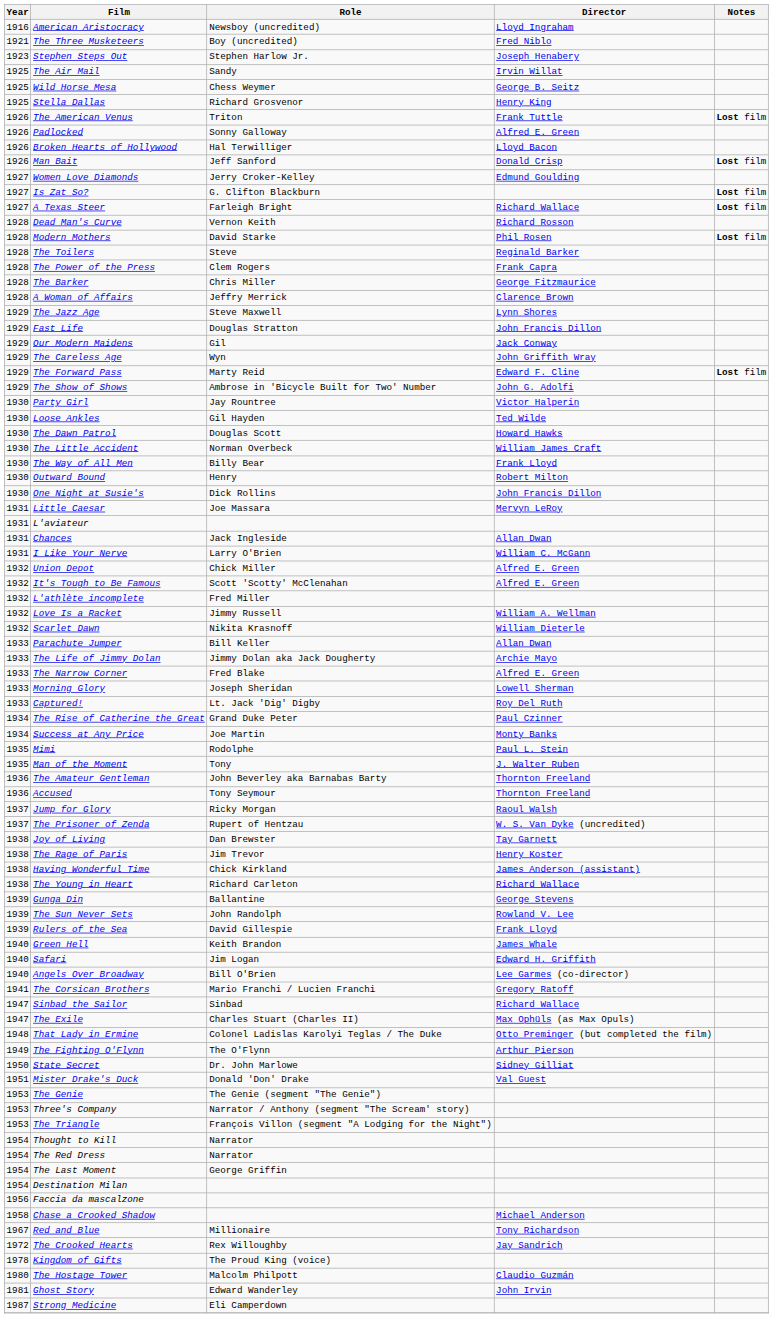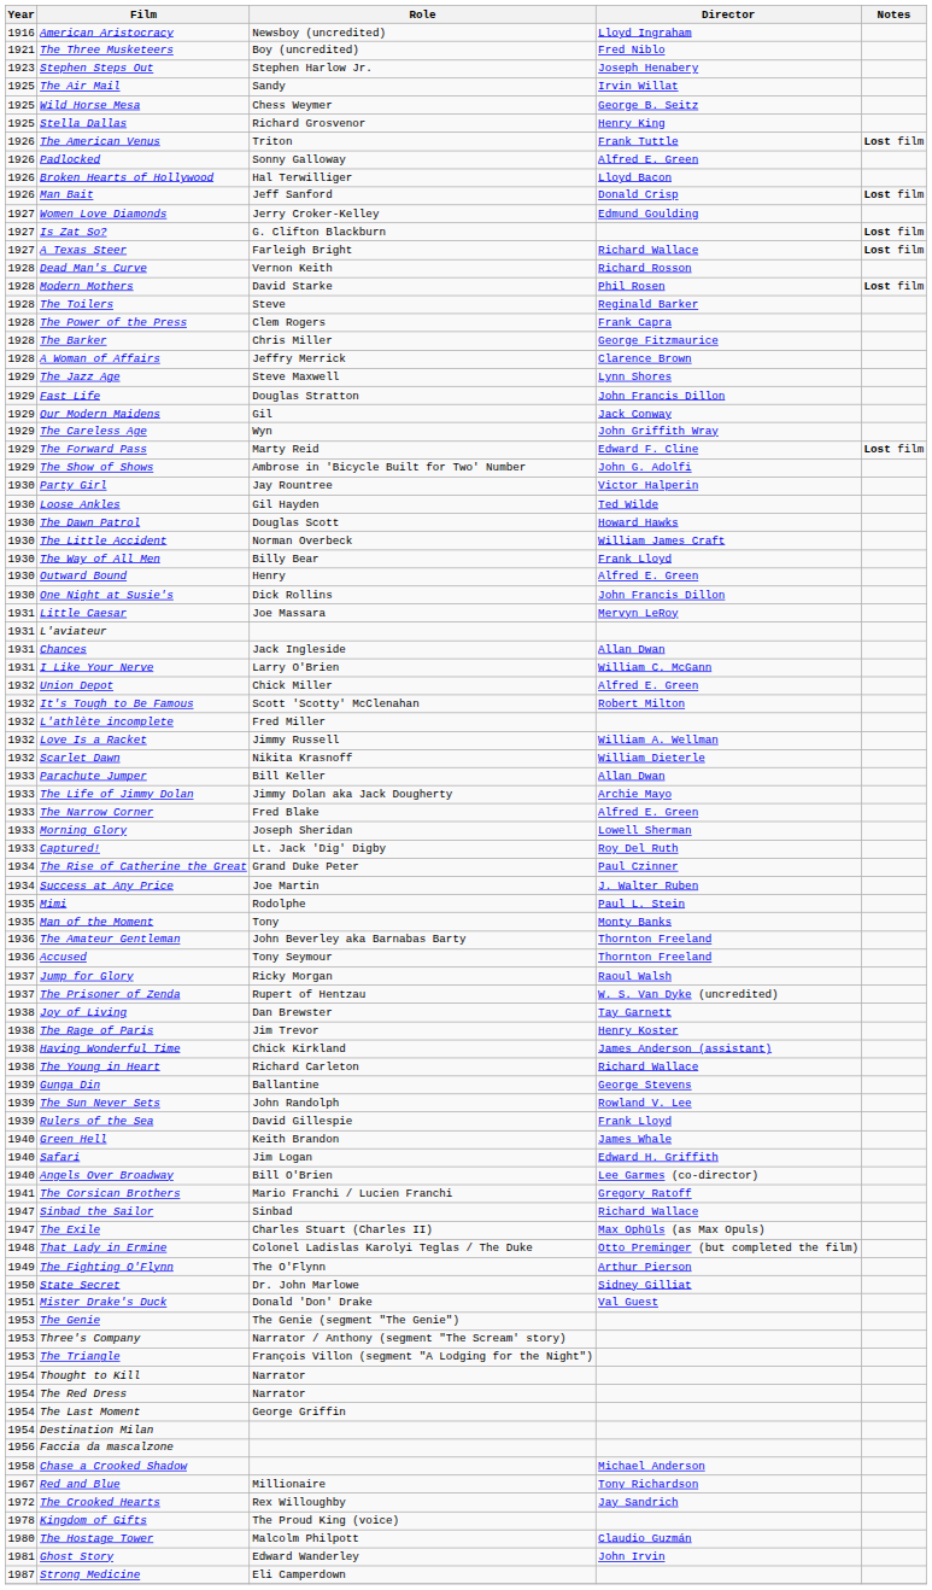 <table class="wikitable sortable">
 <tr>
 <th>Year</th>
 <th>Film</th>
 <th>Role</th>
 <th>Director</th>
 <th class="unsortable">Notes</th>
 </tr>
 <tr>
 <td>1916</td>
 <td><em><a href='#'>American Aristocracy</a></em></td>
 <td>Newsboy (uncredited)</td>
 <td><a href='#'>Lloyd Ingraham</a></td>
 <td></td>
 </tr>
 <tr>
 <td>1921</td>
 <td><em><a href='#'>The Three Musketeers</a></em></td>
 <td>Boy (uncredited)</td>
 <td><a href='#'>Fred Niblo</a></td>
 <td></td>
 </tr>
 <tr>
 <td>1923</td>
 <td><em><a href='#'>Stephen Steps Out</a></em></td>
 <td>Stephen Harlow Jr.</td>
 <td><a href='#'>Joseph Henabery</a></td>
 <td></td>
 </tr>
 <tr>
 <td>1925</td>
 <td><em><a href='#'>The Air Mail</a></em></td>
 <td>Sandy</td>
 <td><a href='#'>Irvin Willat</a></td>
 <td></td>
 </tr>
 <tr>
 <td>1925</td>
 <td><em><a href='#'>Wild Horse Mesa</a></em></td>
 <td>Chess Weymer</td>
 <td><a href='#'>George B. Seitz</a></td>
 <td></td>
 </tr>
 <tr>
 <td>1925</td>
 <td><em><a href='#'>Stella Dallas</a></em></td>
 <td>Richard Grosvenor</td>
 <td><a href='#'>Henry King</a></td>
 <td></td>
 </tr>
 <tr>
 <td>1926</td>
 <td><em><a href='#'>The American Venus</a></em></td>
 <td>Triton</td>
 <td><a href='#'>Frank Tuttle</a></td>
 <td><strong>Lost</strong> film</td>
 </tr>
 <tr>
 <td>1926</td>
 <td><em><a href='#'>Padlocked</a></em></td>
 <td>Sonny Galloway</td>
 <td><a href='#'>Alfred E. Green</a></td>
 <td></td>
 </tr>
 <tr>
 <td>1926</td>
 <td><em><a href='#'>Broken Hearts of Hollywood</a></em></td>
 <td>Hal Terwilliger</td>
 <td><a href='#'>Lloyd Bacon</a></td>
 <td></td>
 </tr>
 <tr>
 <td>1926</td>
 <td><em><a href='#'>Man Bait</a></em></td>
 <td>Jeff Sanford</td>
 <td><a href='#'>Donald Crisp</a></td>
 <td><strong>Lost</strong> film</td>
 </tr>
 <tr>
 <td>1927</td>
 <td><em><a href='#'>Women Love Diamonds</a></em></td>
 <td>Jerry Croker-Kelley</td>
 <td><a href='#'>Edmund Goulding</a></td>
 <td></td>
 </tr>
 <tr>
 <td>1927</td>
 <td><em><a href='#'>Is Zat So?</a></em></td>
 <td>G. Clifton Blackburn</td>
 <td></td>
 <td><strong>Lost</strong> film</td>
 </tr>
 <tr>
 <td>1927</td>
 <td><em><a href='#'>A Texas Steer</a></em></td>
 <td>Farleigh Bright</td>
 <td><a href='#'>Richard Wallace</a></td>
 <td><strong>Lost</strong> film</td>
 </tr>
 <tr>
 <td>1928</td>
 <td><em><a href='#'>Dead Man's Curve</a></em></td>
 <td>Vernon Keith</td>
 <td><a href='#'>Richard Rosson</a></td>
 <td></td>
 </tr>
 <tr>
 <td>1928</td>
 <td><em><a href='#'>Modern Mothers</a></em></td>
 <td>David Starke</td>
 <td><a href='#'>Phil Rosen</a></td>
 <td><strong>Lost</strong> film</td>
 </tr>
 <tr>
 <td>1928</td>
 <td><em><a href='#'>The Toilers</a></em></td>
 <td>Steve</td>
 <td><a href='#'>Reginald Barker</a></td>
 <td></td>
 </tr>
 <tr>
 <td>1928</td>
 <td><em><a href='#'>The Power of the Press</a></em></td>
 <td>Clem Rogers</td>
 <td><a href='#'>Frank Capra</a></td>
 <td></td>
 </tr>
 <tr>
 <td>1928</td>
 <td><em><a href='#'>The Barker</a></em></td>
 <td>Chris Miller</td>
 <td><a href='#'>George Fitzmaurice</a></td>
 <td></td>
 </tr>
 <tr>
 <td>1928</td>
 <td><em><a href='#'>A Woman of Affairs</a></em></td>
 <td>Jeffry Merrick</td>
 <td><a href='#'>Clarence Brown</a></td>
 <td></td>
 </tr>
 <tr>
 <td>1929</td>
 <td><em><a href='#'>The Jazz Age</a></em></td>
 <td>Steve Maxwell</td>
 <td><a href='#'>Lynn Shores</a></td>
 <td></td>
 </tr>
 <tr>
 <td>1929</td>
 <td><em><a href='#'>Fast Life</a></em></td>
 <td>Douglas Stratton</td>
 <td><a href='#'>John Francis Dillon</a></td>
 <td></td>
 </tr>
 <tr>
 <td>1929</td>
 <td><em><a href='#'>Our Modern Maidens</a></em></td>
 <td>Gil</td>
 <td><a href='#'>Jack Conway</a></td>
 <td></td>
 </tr>
 <tr>
 <td>1929</td>
 <td><em><a href='#'>The Careless Age</a></em></td>
 <td>Wyn</td>
 <td><a href='#'>John Griffith Wray</a></td>
 <td></td>
 </tr>
 <tr>
 <td>1929</td>
 <td><em><a href='#'>The Forward Pass</a></em></td>
 <td>Marty Reid</td>
 <td><a href='#'>Edward F. Cline</a></td>
 <td><strong>Lost</strong> film</td>
 </tr>
 <tr>
 <td>1929</td>
 <td><em><a href='#'>The Show of Shows</a></em></td>
 <td>Ambrose in 'Bicycle Built for Two' Number</td>
 <td><a href='#'>John G. Adolfi</a></td>
 <td></td>
 </tr>
 <tr>
 <td>1930</td>
 <td><em><a href='#'>Party Girl</a></em></td>
 <td>Jay Rountree</td>
 <td><a href='#'>Victor Halperin</a></td>
 <td></td>
 </tr>
 <tr>
 <td>1930</td>
 <td><em><a href='#'>Loose Ankles</a></em></td>
 <td>Gil Hayden</td>
 <td><a href='#'>Ted Wilde</a></td>
 <td></td>
 </tr>
 <tr>
 <td>1930</td>
 <td><em><a href='#'>The Dawn Patrol</a></em></td>
 <td>Douglas Scott</td>
 <td><a href='#'>Howard Hawks</a></td>
 <td></td>
 </tr>
 <tr>
 <td>1930</td>
 <td><em><a href='#'>The Little Accident</a></em></td>
 <td>Norman Overbeck</td>
 <td><a href='#'>William James Craft</a></td>
 <td></td>
 </tr>
 <tr>
 <td>1930</td>
 <td><em><a href='#'>The Way of All Men</a></em></td>
 <td>Billy Bear</td>
 <td><a href='#'>Frank Lloyd</a></td>
 <td></td>
 </tr>
 <tr>
 <td>1930</td>
 <td><em><a href='#'>Outward Bound</a></em></td>
 <td>Henry</td>
-<td><a href='#'>Robert Milton</a></td>
+<td><a href='#'>Alfred E. Green</a></td>
 <td></td>
 </tr>
 <tr>
 <td>1930</td>
 <td><em><a href='#'>One Night at Susie's</a></em></td>
 <td>Dick Rollins</td>
 <td><a href='#'>John Francis Dillon</a></td>
 <td></td>
 </tr>
 <tr>
 <td>1931</td>
 <td><em><a href='#'>Little Caesar</a></em></td>
 <td>Joe Massara</td>
 <td><a href='#'>Mervyn LeRoy</a></td>
 <td></td>
 </tr>
 <tr>
 <td>1931</td>
 <td><em>L'aviateur</em></td>
 <td></td>
 <td></td>
 <td></td>
 </tr>
 <tr>
 <td>1931</td>
 <td><em><a href='#'>Chances</a></em></td>
 <td>Jack Ingleside</td>
 <td><a href='#'>Allan Dwan</a></td>
 <td></td>
 </tr>
 <tr>
 <td>1931</td>
 <td><em><a href='#'>I Like Your Nerve</a></em></td>
 <td>Larry O'Brien</td>
 <td><a href='#'>William C. McGann</a></td>
 <td></td>
 </tr>
 <tr>
 <td>1932</td>
 <td><em><a href='#'>Union Depot</a></em></td>
 <td>Chick Miller</td>
 <td><a href='#'>Alfred E. Green</a></td>
 <td></td>
 </tr>
 <tr>
 <td>1932</td>
 <td><em><a href='#'>It's Tough to Be Famous</a></em></td>
 <td>Scott 'Scotty' McClenahan</td>
-<td><a href='#'>Alfred E. Green</a></td>
+<td><a href='#'>Robert Milton</a></td>
 <td></td>
 </tr>
 <tr>
 <td>1932</td>
 <td><em><a href='#'>L'athlète incomplete</a></em></td>
 <td>Fred Miller</td>
 <td></td>
 <td></td>
 </tr>
 <tr>
 <td>1932</td>
 <td><em><a href='#'>Love Is a Racket</a></em></td>
 <td>Jimmy Russell</td>
 <td><a href='#'>William A. Wellman</a></td>
 <td></td>
 </tr>
 <tr>
 <td>1932</td>
 <td><em><a href='#'>Scarlet Dawn</a></em></td>
 <td>Nikita Krasnoff</td>
 <td><a href='#'>William Dieterle</a></td>
 <td></td>
 </tr>
 <tr>
 <td>1933</td>
 <td><em><a href='#'>Parachute Jumper</a></em></td>
 <td>Bill Keller</td>
 <td><a href='#'>Allan Dwan</a></td>
 <td></td>
 </tr>
 <tr>
 <td>1933</td>
 <td><em><a href='#'>The Life of Jimmy Dolan</a></em></td>
 <td>Jimmy Dolan aka Jack Dougherty</td>
 <td><a href='#'>Archie Mayo</a></td>
 <td></td>
 </tr>
 <tr>
 <td>1933</td>
 <td><em><a href='#'>The Narrow Corner</a></em></td>
 <td>Fred Blake</td>
 <td><a href='#'>Alfred E. Green</a></td>
 <td></td>
 </tr>
 <tr>
 <td>1933</td>
 <td><em><a href='#'>Morning Glory</a></em></td>
 <td>Joseph Sheridan</td>
 <td><a href='#'>Lowell Sherman</a></td>
 <td></td>
 </tr>
 <tr>
 <td>1933</td>
 <td><em><a href='#'>Captured!</a></em></td>
 <td>Lt. Jack 'Dig' Digby</td>
 <td><a href='#'>Roy Del Ruth</a></td>
 <td></td>
 </tr>
 <tr>
 <td>1934</td>
 <td><em><a href='#'>The Rise of Catherine the Great</a></em></td>
 <td>Grand Duke Peter</td>
 <td><a href='#'>Paul Czinner</a></td>
 <td></td>
 </tr>
 <tr>
 <td>1934</td>
 <td><em><a href='#'>Success at Any Price</a></em></td>
 <td>Joe Martin</td>
-<td><a href='#'>Monty Banks</a></td>
+<td><a href='#'>J. Walter Ruben</a></td>
 <td></td>
 </tr>
 <tr>
 <td>1935</td>
 <td><em><a href='#'>Mimi</a></em></td>
 <td>Rodolphe</td>
 <td><a href='#'>Paul L. Stein</a></td>
 <td></td>
 </tr>
 <tr>
 <td>1935</td>
 <td><em><a href='#'>Man of the Moment</a></em></td>
 <td>Tony</td>
-<td><a href='#'>J. Walter Ruben</a></td>
+<td><a href='#'>Monty Banks</a></td>
 <td></td>
 </tr>
 <tr>
 <td>1936</td>
 <td><em><a href='#'>The Amateur Gentleman</a></em></td>
 <td>John Beverley aka Barnabas Barty</td>
 <td><a href='#'>Thornton Freeland</a></td>
 <td></td>
 </tr>
 <tr>
 <td>1936</td>
 <td><em><a href='#'>Accused</a></em></td>
 <td>Tony Seymour</td>
 <td><a href='#'>Thornton Freeland</a></td>
 <td></td>
 </tr>
 <tr>
 <td>1937</td>
 <td><em><a href='#'>Jump for Glory</a></em></td>
 <td>Ricky Morgan</td>
 <td><a href='#'>Raoul Walsh</a></td>
 <td></td>
 </tr>
 <tr>
 <td>1937</td>
 <td><em><a href='#'>The Prisoner of Zenda</a></em></td>
 <td>Rupert of Hentzau</td>
 <td><a href='#'>W. S. Van Dyke</a> (uncredited)</td>
 <td></td>
 </tr>
 <tr>
 <td>1938</td>
 <td><em><a href='#'>Joy of Living</a></em></td>
 <td>Dan Brewster</td>
 <td><a href='#'>Tay Garnett</a></td>
 <td></td>
 </tr>
 <tr>
 <td>1938</td>
 <td><em><a href='#'>The Rage of Paris</a></em></td>
 <td>Jim Trevor</td>
 <td><a href='#'>Henry Koster</a></td>
 <td></td>
 </tr>
 <tr>
 <td>1938</td>
 <td><em><a href='#'>Having Wonderful Time</a></em></td>
 <td>Chick Kirkland</td>
 <td><a href='#'>James Anderson (assistant)</a></td>
 <td></td>
 </tr>
 <tr>
 <td>1938</td>
 <td><em><a href='#'>The Young in Heart</a></em></td>
 <td>Richard Carleton</td>
 <td><a href='#'>Richard Wallace</a></td>
 <td></td>
 </tr>
 <tr>
 <td>1939</td>
 <td><em><a href='#'>Gunga Din</a></em></td>
 <td>Ballantine</td>
 <td><a href='#'>George Stevens</a></td>
 <td></td>
 </tr>
 <tr>
 <td>1939</td>
 <td><em><a href='#'>The Sun Never Sets</a></em></td>
 <td>John Randolph</td>
 <td><a href='#'>Rowland V. Lee</a></td>
 <td></td>
 </tr>
 <tr>
 <td>1939</td>
 <td><em><a href='#'>Rulers of the Sea</a></em></td>
 <td>David Gillespie</td>
 <td><a href='#'>Frank Lloyd</a></td>
 <td></td>
 </tr>
 <tr>
 <td>1940</td>
 <td><em><a href='#'>Green Hell</a></em></td>
 <td>Keith Brandon</td>
 <td><a href='#'>James Whale</a></td>
 <td></td>
 </tr>
 <tr>
 <td>1940</td>
 <td><em><a href='#'>Safari</a></em></td>
 <td>Jim Logan</td>
 <td><a href='#'>Edward H. Griffith</a></td>
 <td></td>
 </tr>
 <tr>
 <td>1940</td>
 <td><em><a href='#'>Angels Over Broadway</a></em></td>
 <td>Bill O'Brien</td>
 <td><a href='#'>Lee Garmes</a> (co-director)</td>
 <td></td>
 </tr>
 <tr>
 <td>1941</td>
 <td><em><a href='#'>The Corsican Brothers</a></em></td>
 <td>Mario Franchi / Lucien Franchi</td>
 <td><a href='#'>Gregory Ratoff</a></td>
 <td></td>
 </tr>
 <tr>
 <td>1947</td>
 <td><em><a href='#'>Sinbad the Sailor</a></em></td>
 <td>Sinbad</td>
 <td><a href='#'>Richard Wallace</a></td>
 <td></td>
 </tr>
 <tr>
 <td>1947</td>
 <td><em><a href='#'>The Exile</a></em></td>
 <td>Charles Stuart (Charles II)</td>
 <td><a href='#'>Max Ophüls</a> (as Max Opuls)</td>
 <td></td>
 </tr>
 <tr>
 <td>1948</td>
 <td><em><a href='#'>That Lady in Ermine</a></em></td>
 <td>Colonel Ladislas Karolyi Teglas / The Duke</td>
 <td><a href='#'>Otto Preminger</a> (but completed the film)</td>
 <td></td>
 </tr>
 <tr>
 <td>1949</td>
 <td><em><a href='#'>The Fighting O'Flynn</a></em></td>
 <td>The O'Flynn</td>
 <td><a href='#'>Arthur Pierson</a></td>
 <td></td>
 </tr>
 <tr>
 <td>1950</td>
 <td><em><a href='#'>State Secret</a></em></td>
 <td>Dr. John Marlowe</td>
 <td><a href='#'>Sidney Gilliat</a></td>
 <td></td>
 </tr>
 <tr>
 <td>1951</td>
 <td><em><a href='#'>Mister Drake's Duck</a></em></td>
 <td>Donald 'Don' Drake</td>
 <td><a href='#'>Val Guest</a></td>
 <td></td>
 </tr>
 <tr>
 <td>1953</td>
 <td><em><a href='#'>The Genie</a></em></td>
 <td>The Genie (segment "The Genie")</td>
 <td></td>
 <td></td>
 </tr>
 <tr>
 <td>1953</td>
 <td><em>Three's Company</em></td>
 <td>Narrator / Anthony (segment "The Scream' story)</td>
 <td></td>
 <td></td>
 </tr>
 <tr>
 <td>1953</td>
 <td><em><a href='#'>The Triangle</a></em></td>
 <td>François Villon (segment "A Lodging for the Night")</td>
 <td></td>
 <td></td>
 </tr>
 <tr>
 <td>1954</td>
 <td><em>Thought to Kill</em></td>
 <td>Narrator</td>
 <td></td>
 <td></td>
 </tr>
 <tr>
 <td>1954</td>
 <td><em>The Red Dress</em></td>
 <td>Narrator</td>
 <td></td>
 <td></td>
 </tr>
 <tr>
 <td>1954</td>
 <td><em>The Last Moment</em></td>
 <td>George Griffin</td>
 <td></td>
 <td></td>
 </tr>
 <tr>
 <td>1954</td>
 <td><em>Destination Milan</em></td>
 <td></td>
 <td></td>
 <td></td>
 </tr>
 <tr>
 <td>1956</td>
 <td><em>Faccia da mascalzone</em></td>
 <td></td>
 <td></td>
 <td></td>
 </tr>
 <tr>
 <td>1958</td>
 <td><em><a href='#'>Chase a Crooked Shadow</a></em></td>
 <td></td>
 <td><a href='#'>Michael Anderson</a></td>
 <td></td>
 </tr>
 <tr>
 <td>1967</td>
 <td><em><a href='#'>Red and Blue</a></em></td>
 <td>Millionaire</td>
 <td><a href='#'>Tony Richardson</a></td>
 <td></td>
 </tr>
 <tr>
 <td>1972</td>
 <td><em><a href='#'>The Crooked Hearts</a></em></td>
 <td>Rex Willoughby</td>
 <td><a href='#'>Jay Sandrich</a></td>
 <td></td>
 </tr>
 <tr>
 <td>1978</td>
 <td><em><a href='#'>Kingdom of Gifts</a></em></td>
 <td>The Proud King (voice)</td>
 <td></td>
 <td></td>
 </tr>
 <tr>
 <td>1980</td>
 <td><em><a href='#'>The Hostage Tower</a></em></td>
 <td>Malcolm Philpott</td>
 <td><a href='#'>Claudio Guzmán</a></td>
 <td></td>
 </tr>
 <tr>
 <td>1981</td>
 <td><em><a href='#'>Ghost Story</a></em></td>
 <td>Edward Wanderley</td>
 <td><a href='#'>John Irvin</a></td>
 <td></td>
 </tr>
 <tr>
 <td>1987</td>
 <td><em><a href='#'>Strong Medicine</a></em></td>
 <td>Eli Camperdown</td>
 <td></td>
 <td></td>
 </tr>
 <tr>
 </tr>
 </table>
